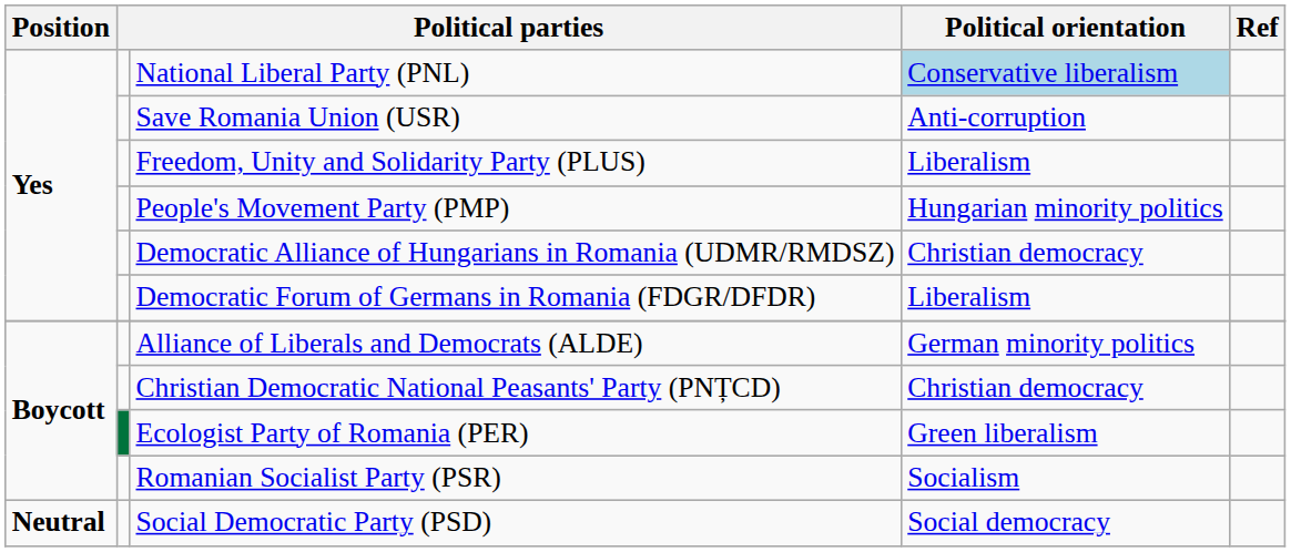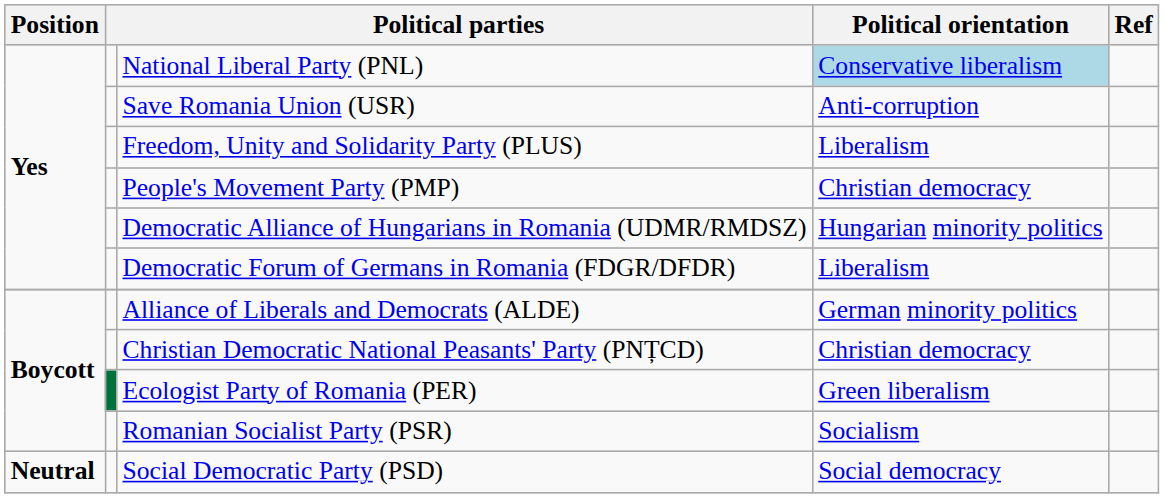 <table class="wikitable sortable">
 <tr>
 <th>Position</th>
 <th colspan="2">Political parties</th>
 <th>Political orientation</th>
 <th>Ref</th>
 </tr>
 <tr>
 <td rowspan="6"> <strong>Yes</strong></td>
 <td style="background-color:"></td>
 <td><a href='#'>National Liberal Party</a> (PNL)</td>
 <td style="background: lightblue;"><a href='#'>Conservative liberalism</a></td>
 <td></td>
 </tr>
 <tr>
 <td style="background-color:"></td>
 <td><a href='#'>Save Romania Union</a> (USR)</td>
 <td><a href='#'>Anti-corruption</a></td>
 <td></td>
 </tr>
 <tr>
 <td style="background-color:"></td>
 <td><a href='#'>Freedom, Unity and Solidarity Party</a> (PLUS)</td>
 <td><a href='#'>Liberalism</a></td>
 <td></td>
 </tr>
 <tr>
 <td style="background-color:"></td>
 <td><a href='#'>People's Movement Party</a> (PMP)</td>
-<td><a href='#'>Hungarian</a> <a href='#'>minority politics</a></td>
+<td><a href='#'>Christian democracy</a></td>
 <td></td>
 </tr>
 <tr>
 <td style="background-color:"></td>
 <td><a href='#'>Democratic Alliance of Hungarians in Romania</a> (UDMR/RMDSZ)</td>
-<td><a href='#'>Christian democracy</a></td>
+<td><a href='#'>Hungarian</a> <a href='#'>minority politics</a></td>
 <td></td>
 </tr>
 <tr>
 <td style="background-color:"></td>
 <td><a href='#'>Democratic Forum of Germans in Romania</a> (FDGR/DFDR)</td>
 <td><a href='#'>Liberalism</a></td>
 <td></td>
 </tr>
 <tr>
 </tr>
 <tr>
 <td rowspan="4"> <strong>Boycott</strong></td>
 <td style="background-color:"></td>
 <td><a href='#'>Alliance of Liberals and Democrats</a> (ALDE)</td>
 <td><a href='#'>German</a> <a href='#'>minority politics</a></td>
 <td></td>
 </tr>
 <tr>
 <td></td>
 <td><a href='#'>Christian Democratic National Peasants' Party</a> (PNȚCD)</td>
 <td><a href='#'>Christian democracy</a></td>
 <td></td>
 </tr>
 <tr>
 <td style="background-color:#00733C"></td>
 <td><a href='#'>Ecologist Party of Romania</a> (PER)</td>
 <td><a href='#'>Green liberalism</a></td>
 <td></td>
 </tr>
 <tr>
 <td style="background-color:"></td>
 <td><a href='#'>Romanian Socialist Party</a> (PSR)</td>
 <td><a href='#'>Socialism</a></td>
 <td></td>
 </tr>
 <tr>
 <td rowspan="4"> <strong>Neutral</strong></td>
 <td style="background-color:"></td>
 <td><a href='#'>Social Democratic Party</a> (PSD)</td>
 <td><a href='#'>Social democracy</a></td>
 <td></td>
 </tr>
 </table>
